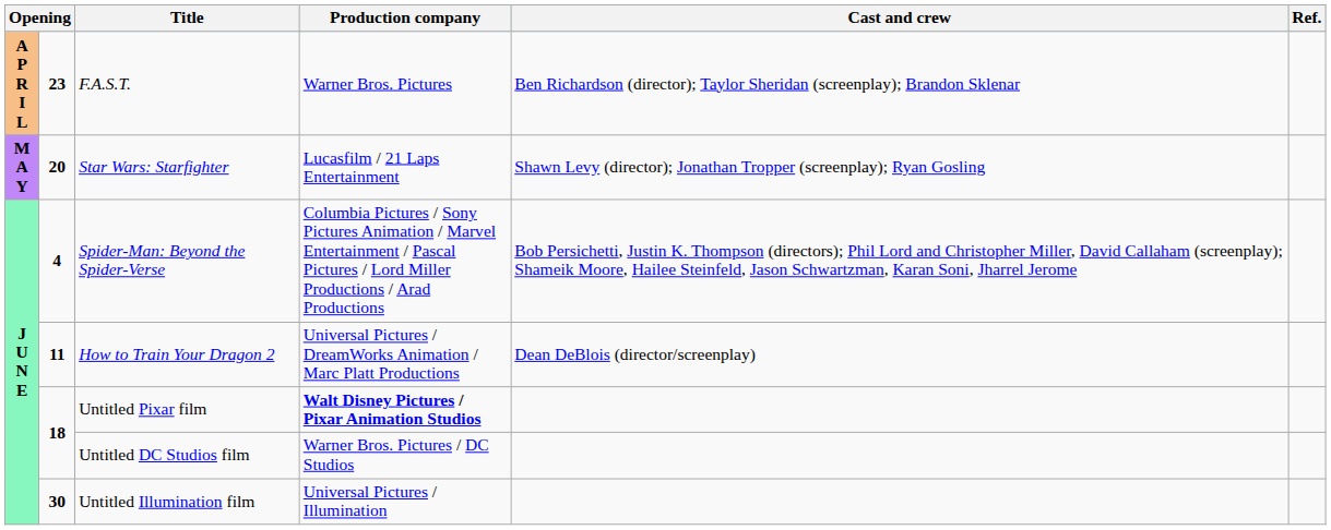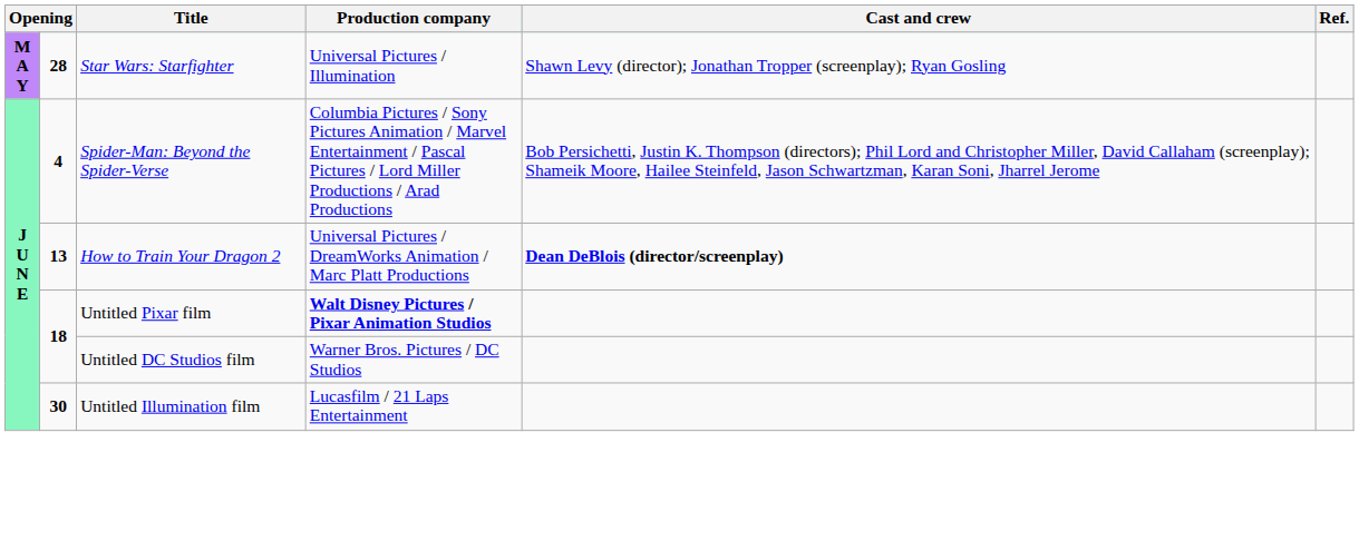 <table class="wikitable sortable">
 <tr style="background:#b0e0e6; text-align:center;">
 <th colspan="2">Opening</th>
 <th style="width:17%;">Title</th>
 <th style="width:16%;">Production company</th>
 <th>Cast and crew</th>
 <th class="unsortable">Ref.</th>
 </tr>
 <tr>
-<th rowspan="1" style="text-align:center; background:#f7bf87;">A<br>P<br>R<br>I<br>L</th>
-<td rowspan="1" style="text-align:center;"><strong>23</strong></td>
-<td><em>F.A.S.T.</em></td>
-<td><a href='#'>Warner Bros. Pictures</a></td>
-<td><a href='#'>Ben Richardson</a> (director); <a href='#'>Taylor Sheridan</a> (screenplay); <a href='#'>Brandon Sklenar</a></td>
-<td style="text-align:center"></td>
-</tr>
-<tr>
 <th rowspan="1" style="text-align:center; background:#bf87f7; text color:#000;">M<br>A<br>Y</th>
-<td rowspan="1" style="text-align:center;"><strong>20</strong></td>
+<td rowspan="1" style="text-align:center;"><strong>28</strong></td>
 <td><em><a href='#'>Star Wars: Starfighter</a></em></td>
-<td><a href='#'>Lucasfilm</a> / <a href='#'>21 Laps Entertainment</a></td>
+<td><a href='#'>Universal Pictures</a> / <a href='#'>Illumination</a></td>
 <td><a href='#'>Shawn Levy</a> (director); <a href='#'>Jonathan Tropper</a> (screenplay); <a href='#'>Ryan Gosling</a></td>
 <td style="text-align:center"></td>
 </tr>
 <tr>
 <th rowspan="5" style="text-align:center; background:#87f7bf; textcolor:#000;">J<br>U<br>N<br>E</th>
 <td rowspan="1" style="text-align:center;"><strong>4</strong></td>
 <td><em><a href='#'>Spider-Man: Beyond the Spider-Verse</a></em></td>
 <td><a href='#'>Columbia Pictures</a> / <a href='#'>Sony Pictures Animation</a> / <a href='#'>Marvel Entertainment</a> / <a href='#'>Pascal Pictures</a> / <a href='#'>Lord Miller Productions</a> / <a href='#'>Arad Productions</a></td>
 <td><a href='#'>Bob Persichetti</a>, <a href='#'>Justin K. Thompson</a> (directors); <a href='#'>Phil Lord and Christopher Miller</a>, <a href='#'>David Callaham</a> (screenplay); <a href='#'>Shameik Moore</a>, <a href='#'>Hailee Steinfeld</a>, <a href='#'>Jason Schwartzman</a>, <a href='#'>Karan Soni</a>, <a href='#'>Jharrel Jerome</a></td>
 <td style="text-align:center"></td>
 </tr>
 <tr>
-<td rowspan="1" style="text-align:center;"><strong>11</strong></td>
+<td rowspan="1" style="text-align:center;"><strong>13</strong></td>
 <td><em><a href='#'>How to Train Your Dragon 2</a></em></td>
 <td><a href='#'>Universal Pictures</a> / <a href='#'>DreamWorks Animation</a> / <a href='#'>Marc Platt Productions</a></td>
-<td><a href='#'>Dean DeBlois</a> (director/screenplay)</td>
+<td><strong><a href='#'>Dean DeBlois</a> (director/screenplay)</strong></td>
 <td style="text-align:center"></td>
 </tr>
 <tr>
 <td rowspan="2" style="text-align:center;"><strong>18</strong></td>
 <td>Untitled <a href='#'>Pixar</a> film</td>
 <td><strong><a href='#'>Walt Disney Pictures</a> / <a href='#'>Pixar Animation Studios</a></strong></td>
 <td></td>
 <td style="text-align:center"></td>
 </tr>
 <tr>
 <td>Untitled <a href='#'>DC Studios</a> film</td>
 <td><a href='#'>Warner Bros. Pictures</a> / <a href='#'>DC Studios</a></td>
 <td></td>
 <td style="text-align:center"></td>
 </tr>
 <tr>
 <td rowspan="1" style="text-align:center;"><strong>30</strong></td>
 <td>Untitled <a href='#'>Illumination</a> film</td>
-<td><a href='#'>Universal Pictures</a> / <a href='#'>Illumination</a></td>
+<td><a href='#'>Lucasfilm</a> / <a href='#'>21 Laps Entertainment</a></td>
 <td></td>
 <td style="text-align:center"></td>
 </tr>
 </table>
